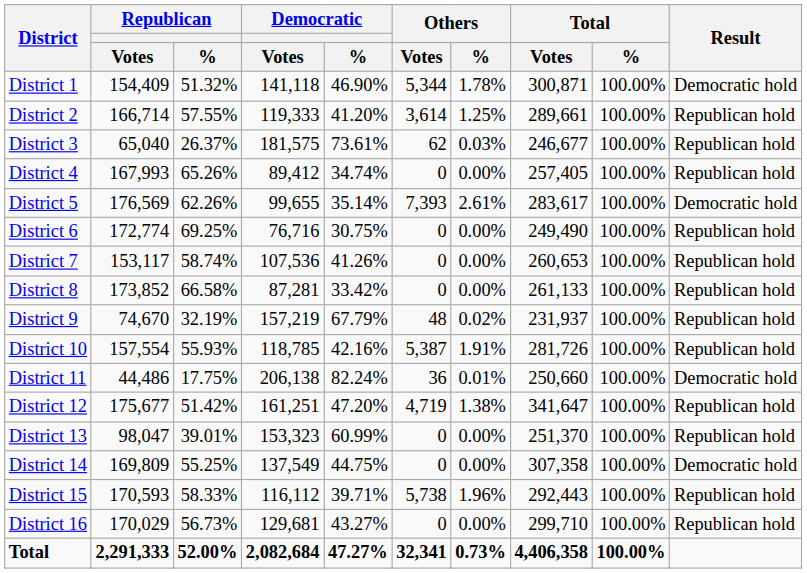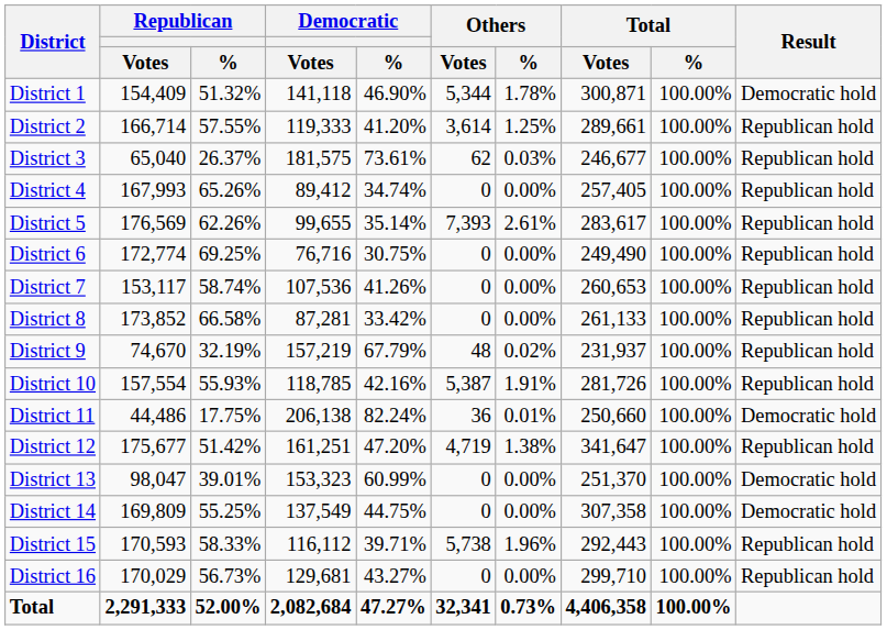 <table class="wikitable plainrowheaders sortable" style="font-size:100%; text-align:right;">
 <tr>
 <th scope=col rowspan=3><a href='#'>District</a></th>
 <th scope=col colspan=2><a href='#'>Republican</a></th>
 <th scope=col colspan=2><a href='#'>Democratic</a></th>
 <th scope=col colspan=2 rowspan=2>Others</th>
 <th scope=col colspan=2 rowspan=2>Total</th>
 <th scope=col rowspan=3>Result</th>
 </tr>
 <tr>
 <th scope=col colspan=2 style="background:"></th>
 <th scope=col colspan=2 style="background:"></th>
 </tr>
 <tr>
 <th scope=col data-sort-type="number">Votes</th>
 <th scope=col data-sort-type="number">%</th>
 <th scope=col data-sort-type="number">Votes</th>
 <th scope=col data-sort-type="number">%</th>
 <th scope=col data-sort-type="number">Votes</th>
 <th scope=col data-sort-type="number">%</th>
 <th scope=col data-sort-type="number">Votes</th>
 <th scope=col data-sort-type="number">%</th>
 </tr>
 <tr>
 <td align=left><a href='#'>District 1</a></td>
 <td>154,409</td>
 <td>51.32%</td>
 <td>141,118</td>
 <td>46.90%</td>
 <td>5,344</td>
 <td>1.78%</td>
 <td>300,871</td>
 <td>100.00%</td>
 <td align=left>Democratic hold</td>
 </tr>
 <tr>
 <td align=left><a href='#'>District 2</a></td>
 <td>166,714</td>
 <td>57.55%</td>
 <td>119,333</td>
 <td>41.20%</td>
 <td>3,614</td>
 <td>1.25%</td>
 <td>289,661</td>
 <td>100.00%</td>
 <td align=left>Republican hold</td>
 </tr>
 <tr>
 <td align=left><a href='#'>District 3</a></td>
 <td>65,040</td>
 <td>26.37%</td>
 <td>181,575</td>
 <td>73.61%</td>
 <td>62</td>
 <td>0.03%</td>
 <td>246,677</td>
 <td>100.00%</td>
 <td align=left>Republican hold</td>
 </tr>
 <tr>
 <td align=left><a href='#'>District 4</a></td>
 <td>167,993</td>
 <td>65.26%</td>
 <td>89,412</td>
 <td>34.74%</td>
 <td>0</td>
 <td>0.00%</td>
 <td>257,405</td>
 <td>100.00%</td>
 <td align=left>Republican hold</td>
 </tr>
 <tr>
 <td align=left><a href='#'>District 5</a></td>
 <td>176,569</td>
 <td>62.26%</td>
 <td>99,655</td>
 <td>35.14%</td>
 <td>7,393</td>
 <td>2.61%</td>
 <td>283,617</td>
 <td>100.00%</td>
-<td align=left>Democratic hold</td>
+<td align=left>Republican hold</td>
 </tr>
 <tr>
 <td align=left><a href='#'>District 6</a></td>
 <td>172,774</td>
 <td>69.25%</td>
 <td>76,716</td>
 <td>30.75%</td>
 <td>0</td>
 <td>0.00%</td>
 <td>249,490</td>
 <td>100.00%</td>
 <td align=left>Republican hold</td>
 </tr>
 <tr>
 <td align=left><a href='#'>District 7</a></td>
 <td>153,117</td>
 <td>58.74%</td>
 <td>107,536</td>
 <td>41.26%</td>
 <td>0</td>
 <td>0.00%</td>
 <td>260,653</td>
 <td>100.00%</td>
 <td align=left>Republican hold</td>
 </tr>
 <tr>
 <td align=left><a href='#'>District 8</a></td>
 <td>173,852</td>
 <td>66.58%</td>
 <td>87,281</td>
 <td>33.42%</td>
 <td>0</td>
 <td>0.00%</td>
 <td>261,133</td>
 <td>100.00%</td>
 <td align=left>Republican hold</td>
 </tr>
 <tr>
 <td align=left><a href='#'>District 9</a></td>
 <td>74,670</td>
 <td>32.19%</td>
 <td>157,219</td>
 <td>67.79%</td>
 <td>48</td>
 <td>0.02%</td>
 <td>231,937</td>
 <td>100.00%</td>
 <td align=left>Republican hold</td>
 </tr>
 <tr>
 <td align=left><a href='#'>District 10</a></td>
 <td>157,554</td>
 <td>55.93%</td>
 <td>118,785</td>
 <td>42.16%</td>
 <td>5,387</td>
 <td>1.91%</td>
 <td>281,726</td>
 <td>100.00%</td>
 <td align=left>Republican hold</td>
 </tr>
 <tr>
 <td align=left><a href='#'>District 11</a></td>
 <td>44,486</td>
 <td>17.75%</td>
 <td>206,138</td>
 <td>82.24%</td>
 <td>36</td>
 <td>0.01%</td>
 <td>250,660</td>
 <td>100.00%</td>
 <td align=left>Democratic hold</td>
 </tr>
 <tr>
 <td align=left><a href='#'>District 12</a></td>
 <td>175,677</td>
 <td>51.42%</td>
 <td>161,251</td>
 <td>47.20%</td>
 <td>4,719</td>
 <td>1.38%</td>
 <td>341,647</td>
 <td>100.00%</td>
 <td align=left>Republican hold</td>
 </tr>
 <tr>
 <td align=left><a href='#'>District 13</a></td>
 <td>98,047</td>
 <td>39.01%</td>
 <td>153,323</td>
 <td>60.99%</td>
 <td>0</td>
 <td>0.00%</td>
 <td>251,370</td>
 <td>100.00%</td>
-<td align=left>Republican hold</td>
+<td align=left>Democratic hold</td>
 </tr>
 <tr>
 <td align=left><a href='#'>District 14</a></td>
 <td>169,809</td>
 <td>55.25%</td>
 <td>137,549</td>
 <td>44.75%</td>
 <td>0</td>
 <td>0.00%</td>
 <td>307,358</td>
 <td>100.00%</td>
 <td align=left>Democratic hold</td>
 </tr>
 <tr>
 <td align=left><a href='#'>District 15</a></td>
 <td>170,593</td>
 <td>58.33%</td>
 <td>116,112</td>
 <td>39.71%</td>
 <td>5,738</td>
 <td>1.96%</td>
 <td>292,443</td>
 <td>100.00%</td>
 <td align=left>Republican hold</td>
 </tr>
 <tr>
 <td align=left><a href='#'>District 16</a></td>
 <td>170,029</td>
 <td>56.73%</td>
 <td>129,681</td>
 <td>43.27%</td>
 <td>0</td>
 <td>0.00%</td>
 <td>299,710</td>
 <td>100.00%</td>
 <td align=left>Republican hold</td>
 </tr>
 <tr class="sortbottom" style="font-weight:bold">
 <td align=left>Total</td>
 <td>2,291,333</td>
 <td>52.00%</td>
 <td>2,082,684</td>
 <td>47.27%</td>
 <td>32,341</td>
 <td>0.73%</td>
 <td>4,406,358</td>
 <td>100.00%</td>
 <td></td>
 </tr>
 </table>
